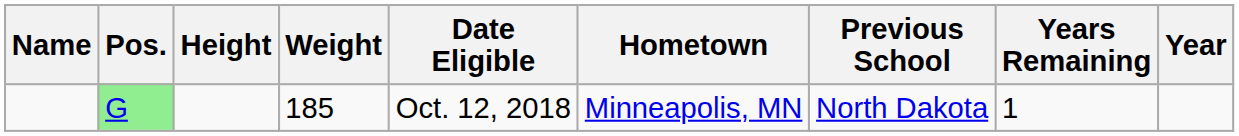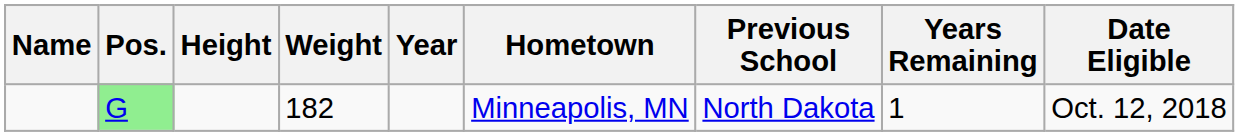 <table class="wikitable sortable" style="font-size:90%;" border="1">
 <tr>
 <th>Name</th>
 <th>Pos.</th>
 <th>Height</th>
 <th>Weight</th>
-<th ! class="unsortable">Date<br>Eligible</th>
+<th>Year</th>
 <th>Hometown</th>
 <th ! class="unsortable">Previous<br>School</th>
 <th ! class="unsortable">Years<br>Remaining</th>
-<th>Year</th>
+<th ! class="unsortable">Date<br>Eligible</th>
 </tr>
 <tr>
 <td></td>
 <td style="background: lightgreen;"><a href='#'>G</a></td>
 <td></td>
-<td>185</td>
-<td>Oct. 12, 2018</td>
+<td>182</td>
+<td></td>
 <td><a href='#'>Minneapolis, MN</a></td>
 <td><a href='#'>North Dakota</a></td>
 <td>1</td>
-<td></td>
+<td>Oct. 12, 2018</td>
 </tr>
 </table>
